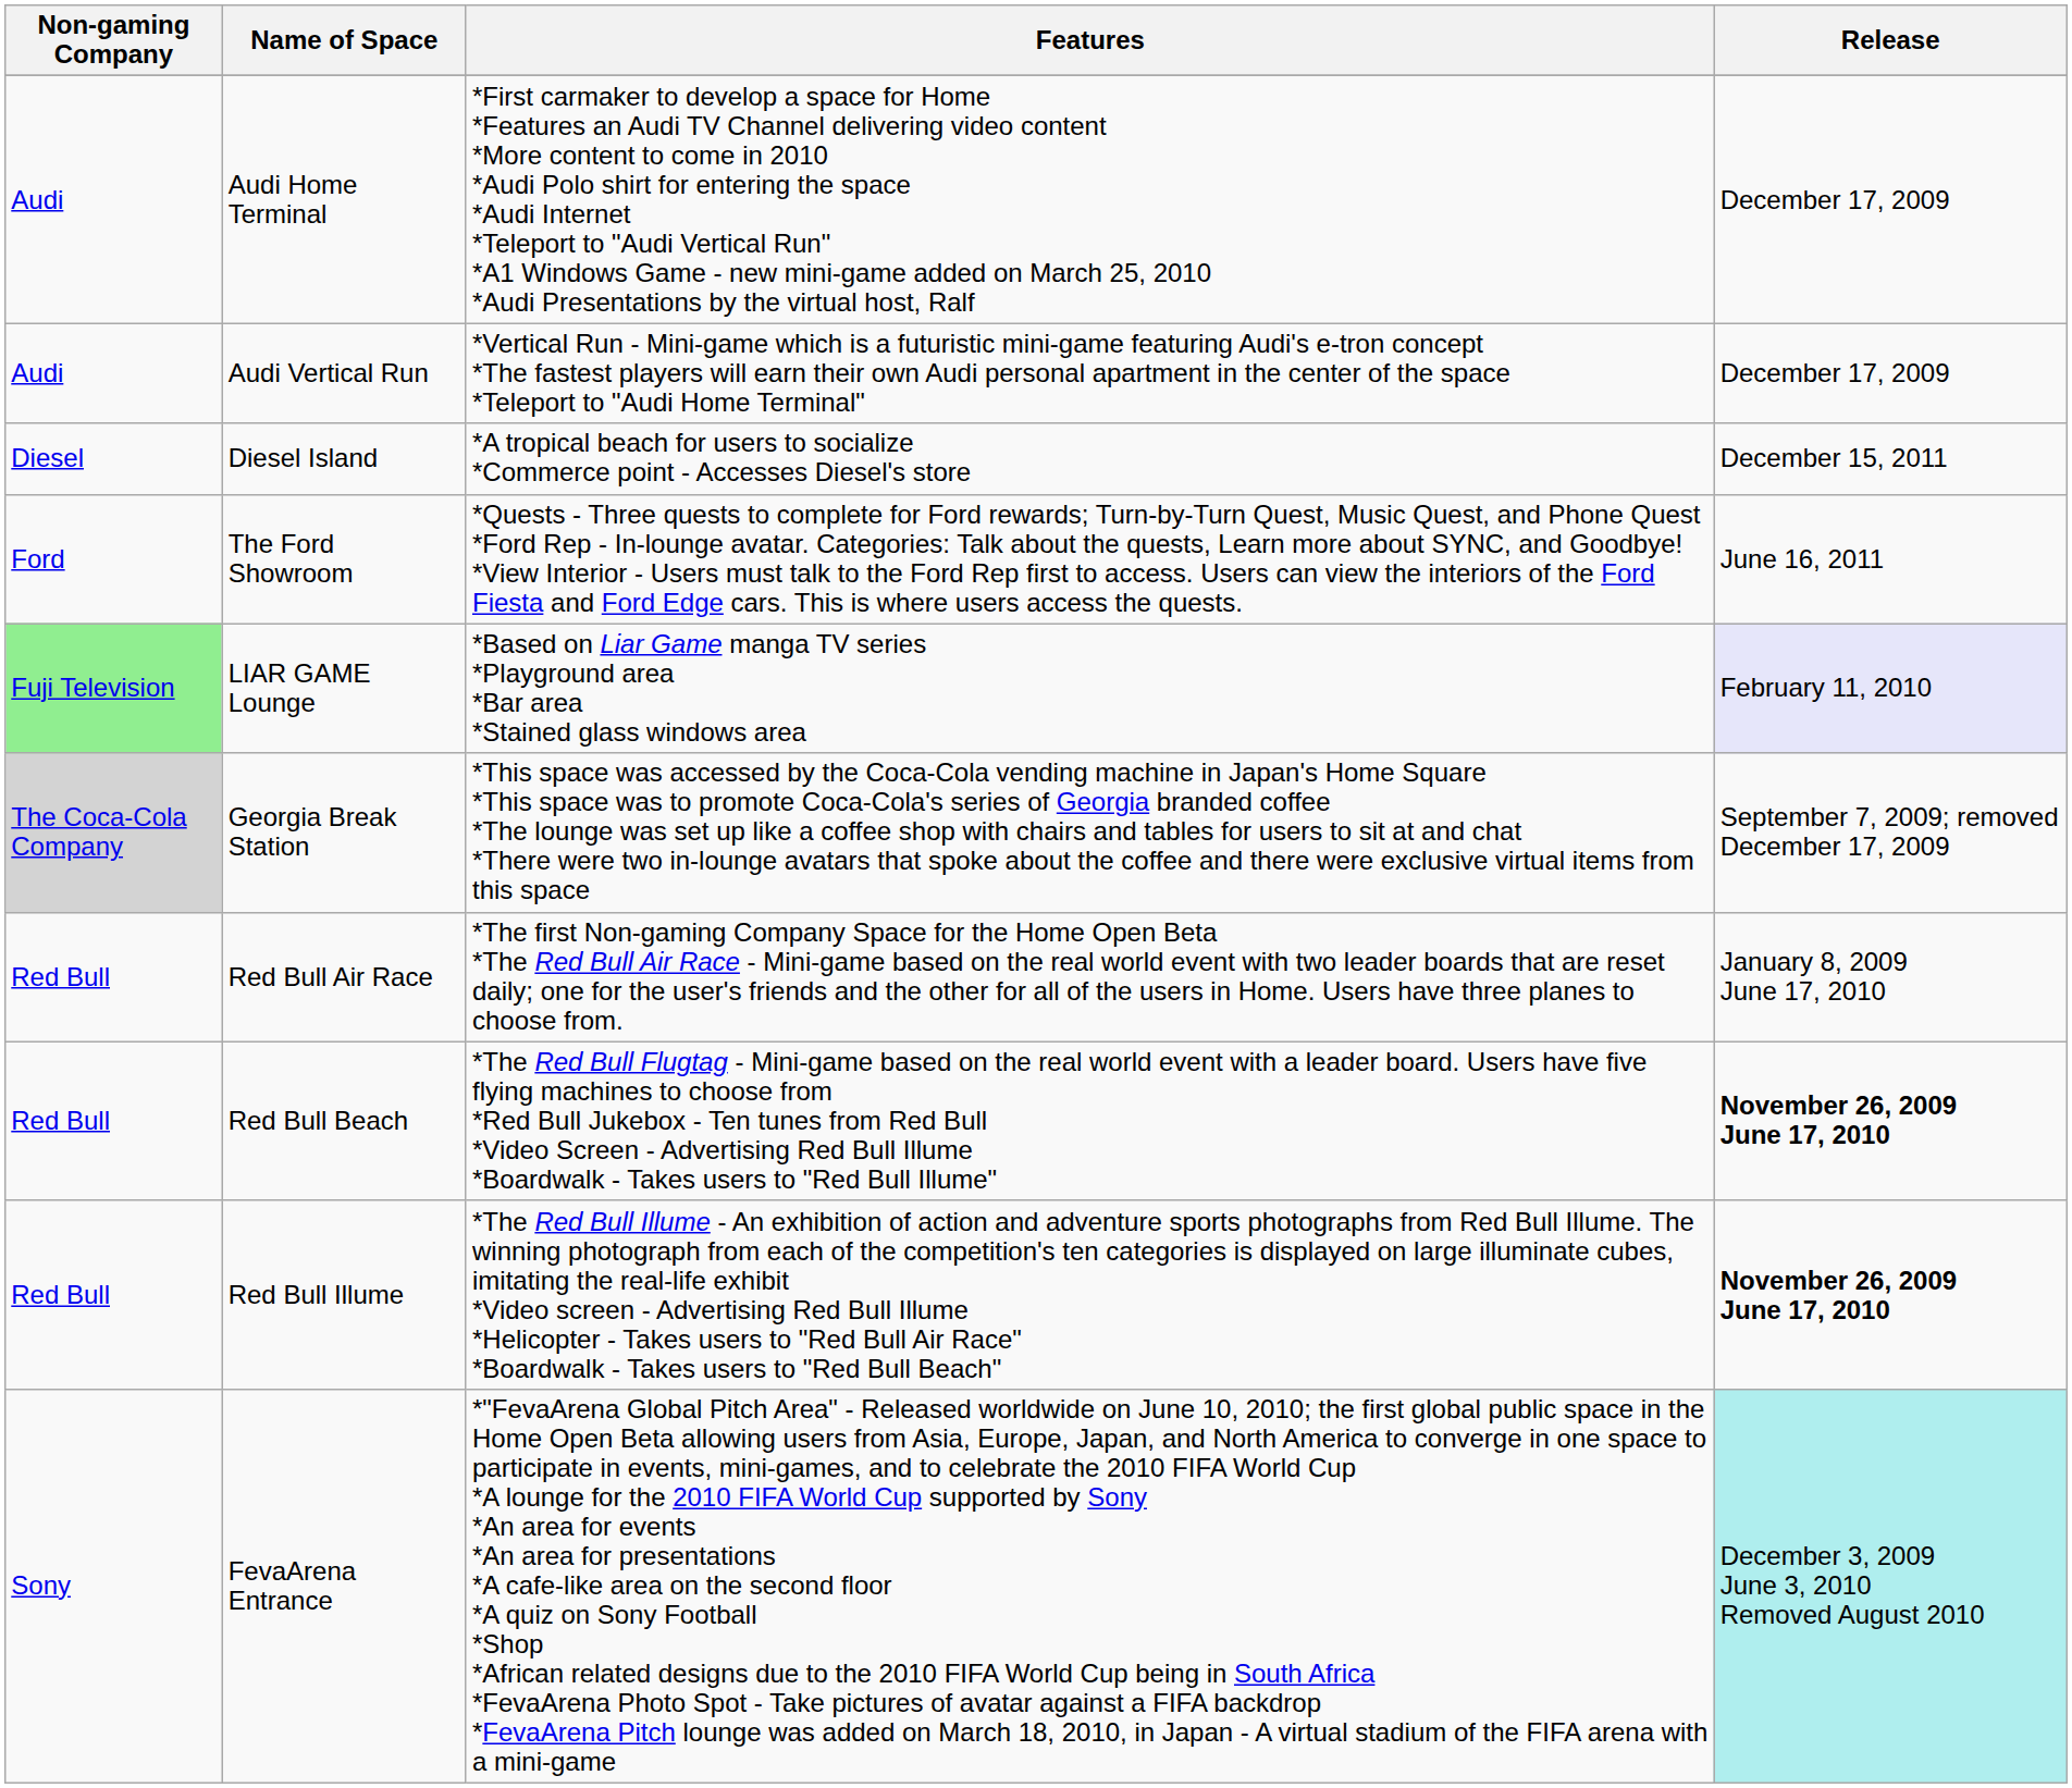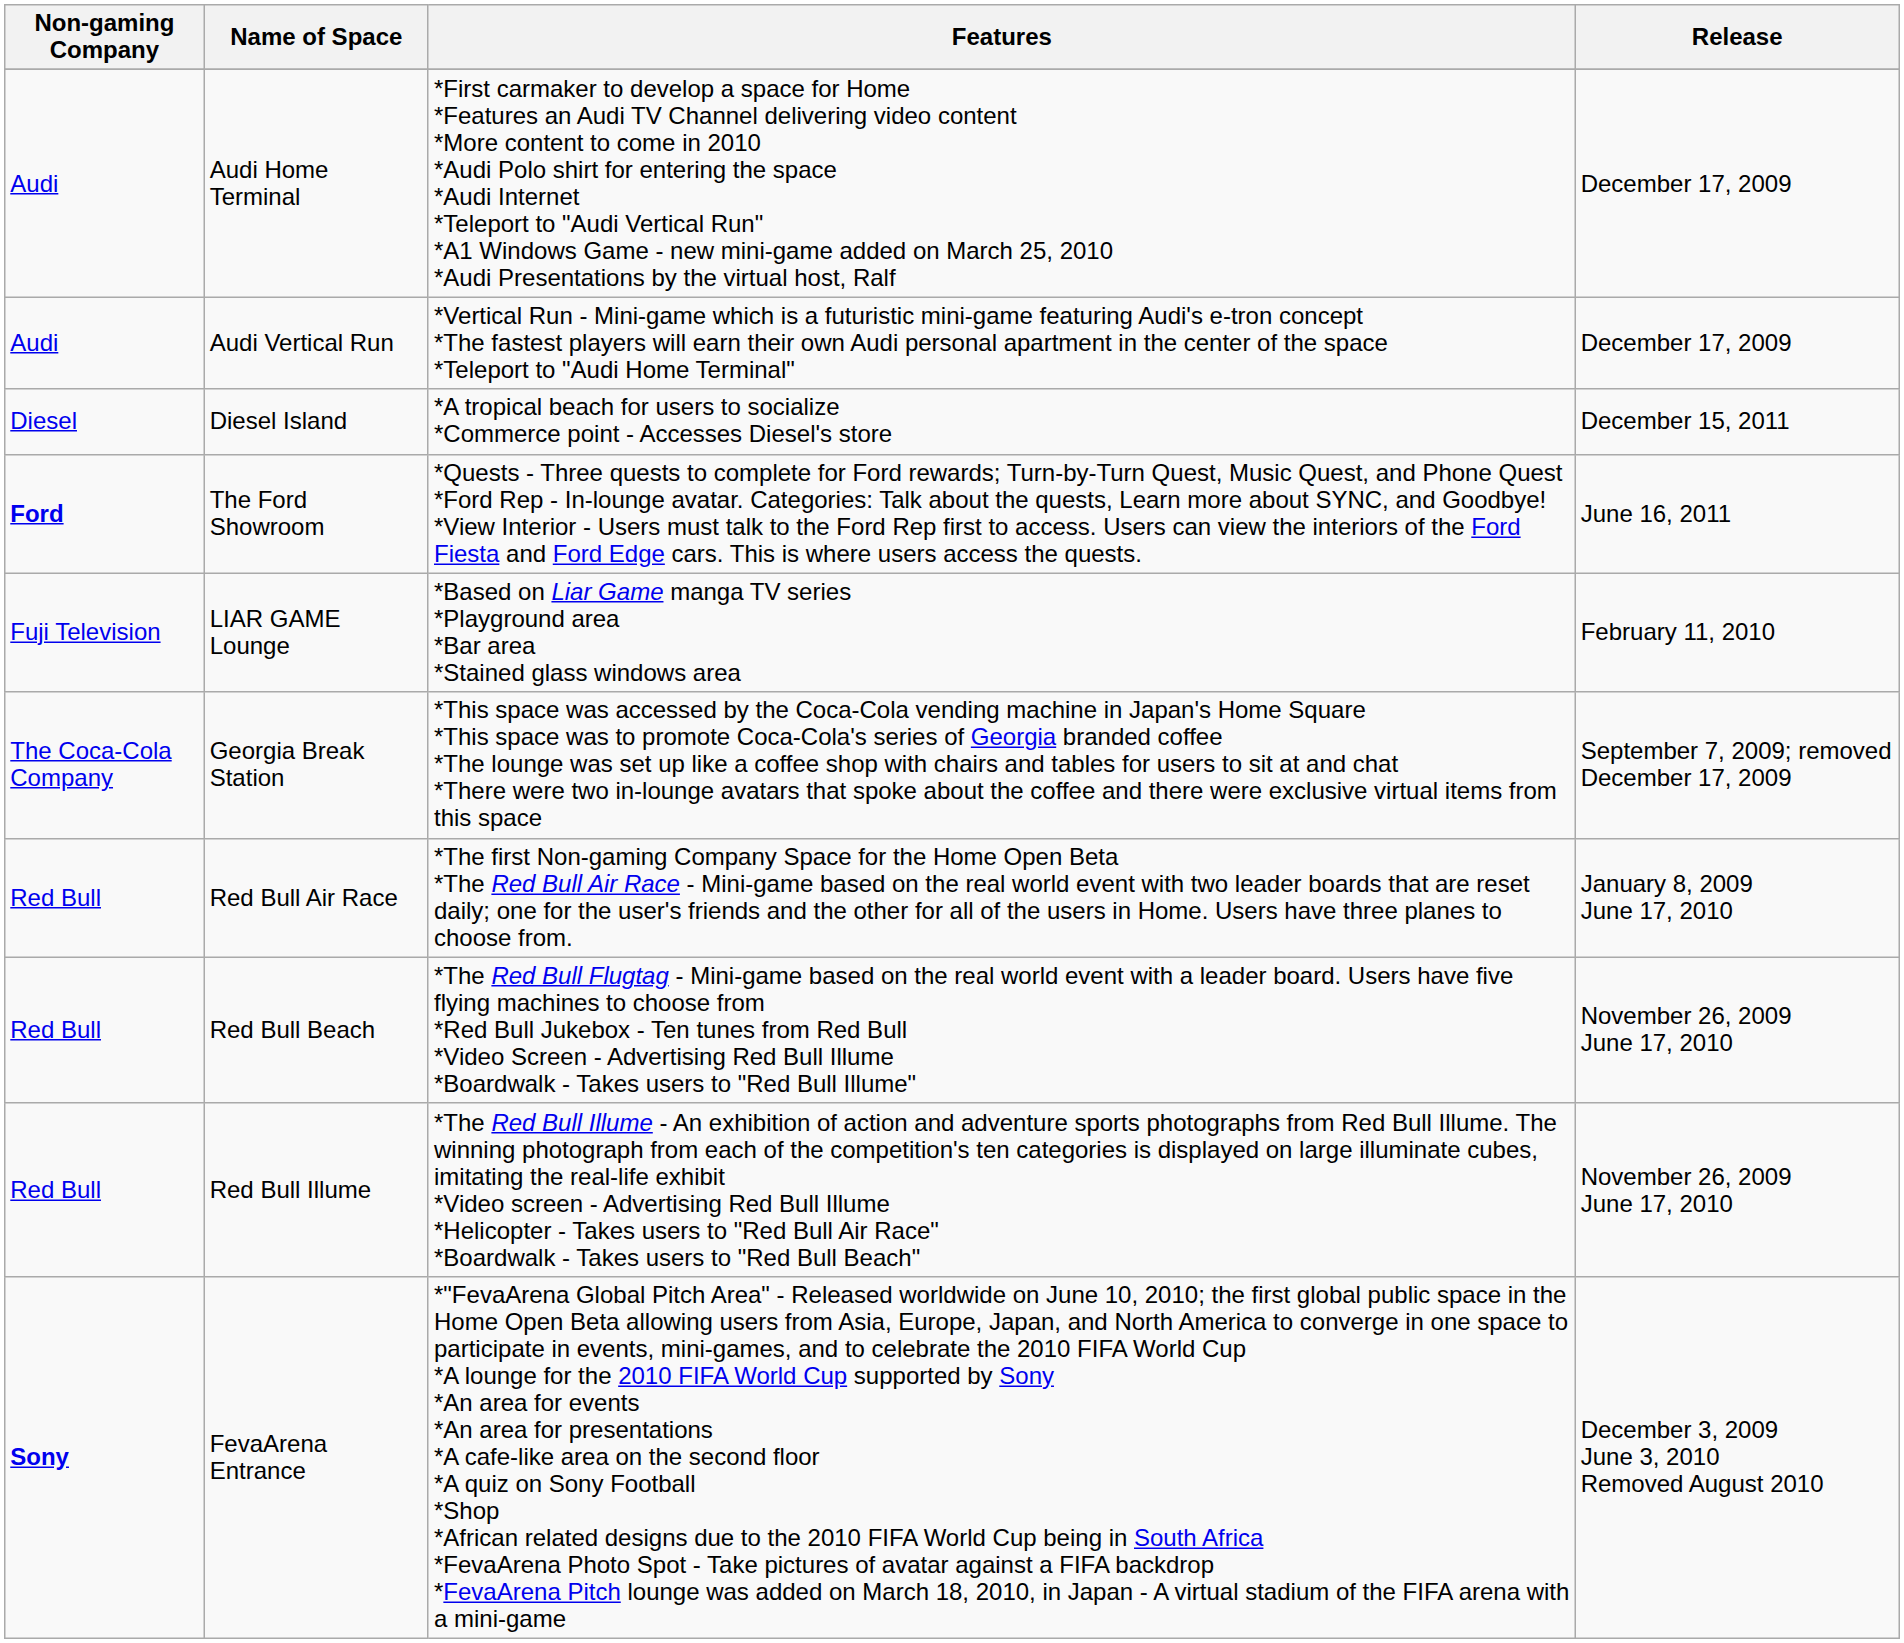 <table class="wikitable sortable" style="width:100%">
 <tr>
 <th style="width: 8%">Non-gaming Company</th>
 <th style="width: 9% ">Name of Space</th>
 <th style="width: 46%">Features</th>
 <th style="width: 13%">Release</th>
 </tr>
 <tr align="left">
 </tr>
 <tr>
 <td><a href='#'>Audi</a></td>
 <td>Audi Home Terminal</td>
 <td>*First carmaker to develop a space for Home<br>*Features an Audi TV Channel delivering video content<br>*More content to come in 2010<br>*Audi Polo shirt for entering the space<br>*Audi Internet<br>*Teleport to "Audi Vertical Run"<br>*A1 Windows Game - new mini-game added on March 25, 2010<br>*Audi Presentations by the virtual host, Ralf</td>
 <td> December 17, 2009</td>
 </tr>
 <tr>
 <td><a href='#'>Audi</a></td>
 <td>Audi Vertical Run</td>
 <td>*Vertical Run - Mini-game which is a futuristic mini-game featuring Audi's e-tron concept<br>*The fastest players will earn their own Audi personal apartment in the center of the space<br>*Teleport to "Audi Home Terminal"</td>
 <td> December 17, 2009</td>
 </tr>
 <tr>
 <td><a href='#'>Diesel</a></td>
 <td>Diesel Island</td>
 <td>*A tropical beach for users to socialize<br>*Commerce point - Accesses Diesel's store</td>
 <td> December 15, 2011</td>
 </tr>
 <tr>
-<td><a href='#'>Ford</a></td>
+<td><strong><a href='#'>Ford</a></strong></td>
 <td>The Ford Showroom</td>
 <td>*Quests - Three quests to complete for Ford rewards; Turn-by-Turn Quest, Music Quest, and Phone Quest<br>*Ford Rep - In-lounge avatar. Categories: Talk about the quests, Learn more about SYNC, and Goodbye!<br>*View Interior - Users must talk to the Ford Rep first to access. Users can view the interiors of the <a href='#'>Ford Fiesta</a> and <a href='#'>Ford Edge</a> cars. This is where users access the quests.</td>
 <td> June 16, 2011</td>
 </tr>
 <tr>
-<td style="background: lightgreen;"><a href='#'>Fuji Television</a></td>
+<td><a href='#'>Fuji Television</a></td>
 <td>LIAR GAME Lounge</td>
 <td>*Based on <em><a href='#'>Liar Game</a></em> manga TV series<br>*Playground area<br>*Bar area<br>*Stained glass windows area</td>
-<td style="background: lavender;"> February 11, 2010</td>
+<td> February 11, 2010</td>
 </tr>
 <tr>
-<td style="background: lightgrey;"><a href='#'>The Coca-Cola Company</a></td>
+<td><a href='#'>The Coca-Cola Company</a></td>
 <td>Georgia Break Station</td>
 <td>*This space was accessed by the Coca-Cola vending machine in Japan's Home Square<br>*This space was to promote Coca-Cola's series of <a href='#'>Georgia</a> branded coffee<br>*The lounge was set up like a coffee shop with chairs and tables for users to sit at and chat<br>*There were two in-lounge avatars that spoke about the coffee and there were exclusive virtual items from this space</td>
 <td> September 7, 2009; removed December 17, 2009</td>
 </tr>
 <tr>
 <td><a href='#'>Red Bull</a></td>
 <td>Red Bull Air Race</td>
 <td>*The first Non-gaming Company Space for the Home Open Beta<br>*The <em><a href='#'>Red Bull Air Race</a></em> - Mini-game based on the real world event with two leader boards that are reset daily; one for the user's friends and the other for all of the users in Home. Users have three planes to choose from.</td>
 <td> January 8, 2009<br> June 17, 2010</td>
 </tr>
 <tr>
 <td><a href='#'>Red Bull</a></td>
 <td>Red Bull Beach</td>
 <td>*The <em><a href='#'>Red Bull Flugtag</a></em> - Mini-game based on the real world event with a leader board. Users have five flying machines to choose from<br>*Red Bull Jukebox - Ten tunes from Red Bull<br>*Video Screen - Advertising Red Bull Illume<br>*Boardwalk - Takes users to "Red Bull Illume"</td>
-<td><strong> November 26, 2009<br> June 17, 2010</strong></td>
+<td> November 26, 2009<br> June 17, 2010</td>
 </tr>
 <tr>
 <td><a href='#'>Red Bull</a></td>
 <td>Red Bull Illume</td>
 <td>*The <em><a href='#'>Red Bull Illume</a></em> - An exhibition of action and adventure sports photographs from Red Bull Illume. The winning photograph from each of the competition's ten categories is displayed on large illuminate cubes, imitating the real-life exhibit<br>*Video screen - Advertising Red Bull Illume<br>*Helicopter - Takes users to "Red Bull Air Race"<br>*Boardwalk - Takes users to "Red Bull Beach"</td>
-<td><strong> November 26, 2009<br> June 17, 2010</strong></td>
+<td> November 26, 2009<br> June 17, 2010</td>
 </tr>
 <tr>
-<td><a href='#'>Sony</a></td>
+<td><strong><a href='#'>Sony</a></strong></td>
 <td>FevaArena Entrance</td>
 <td>*"FevaArena Global Pitch Area" - Released worldwide on June 10, 2010; the first global public space in the Home Open Beta allowing users from Asia, Europe, Japan, and North America to converge in one space to participate in events, mini-games, and to celebrate the 2010 FIFA World Cup<br>*A lounge for the <a href='#'>2010 FIFA World Cup</a> supported by <a href='#'>Sony</a><br>*An area for events<br>*An area for presentations<br>*A cafe-like area on the second floor<br>*A quiz on Sony Football<br>*Shop<br>*African related designs due to the 2010 FIFA World Cup being in <a href='#'>South Africa</a><br>*FevaArena Photo Spot - Take pictures of avatar against a FIFA backdrop<br>*<a href='#'>FevaArena Pitch</a> lounge was added on March 18, 2010, in Japan - A virtual stadium of the FIFA arena with a mini-game</td>
-<td style="background: paleturquoise;"> December 3, 2009<br>  June 3, 2010<br>Removed August 2010</td>
+<td> December 3, 2009<br>  June 3, 2010<br>Removed August 2010</td>
 </tr>
 </table>
